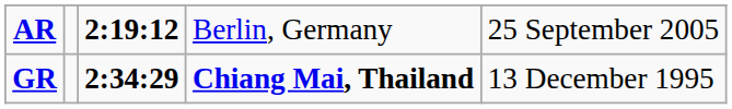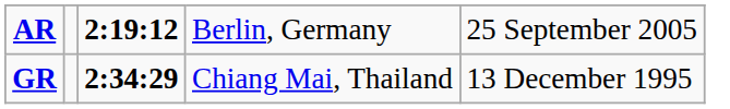 <table class="wikitable" style="font-size:95%; position:relative;">
 <tr>
 <td align=center><strong><a href='#'>AR</a></strong></td>
 <td></td>
 <td><strong>2:19:12</strong></td>
 <td><a href='#'>Berlin</a>, Germany</td>
 <td>25 September 2005</td>
 </tr>
 <tr>
 <td align=center><strong><a href='#'>GR</a></strong></td>
 <td></td>
 <td><strong>2:34:29</strong></td>
-<td><strong><a href='#'>Chiang Mai</a>, Thailand</strong></td>
+<td><a href='#'>Chiang Mai</a>, Thailand</td>
 <td>13 December 1995</td>
 </tr>
 </table>
